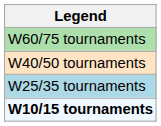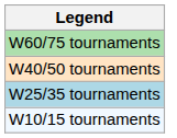 <table class="wikitable" style="font-size:85%">
 <tr>
 <th>Legend</th>
 </tr>
 <tr style="background:#addfad;">
 <td>W60/75 tournaments</td>
 </tr>
 <tr style="background:#ffe4c4;">
 <td>W40/50 tournaments</td>
 </tr>
 <tr style="background:lightblue;">
 <td>W25/35 tournaments</td>
 </tr>
 <tr style="background:#f0f8ff;">
-<td><strong>W10/15 tournaments</strong></td>
+<td>W10/15 tournaments</td>
 </tr>
 </table>
